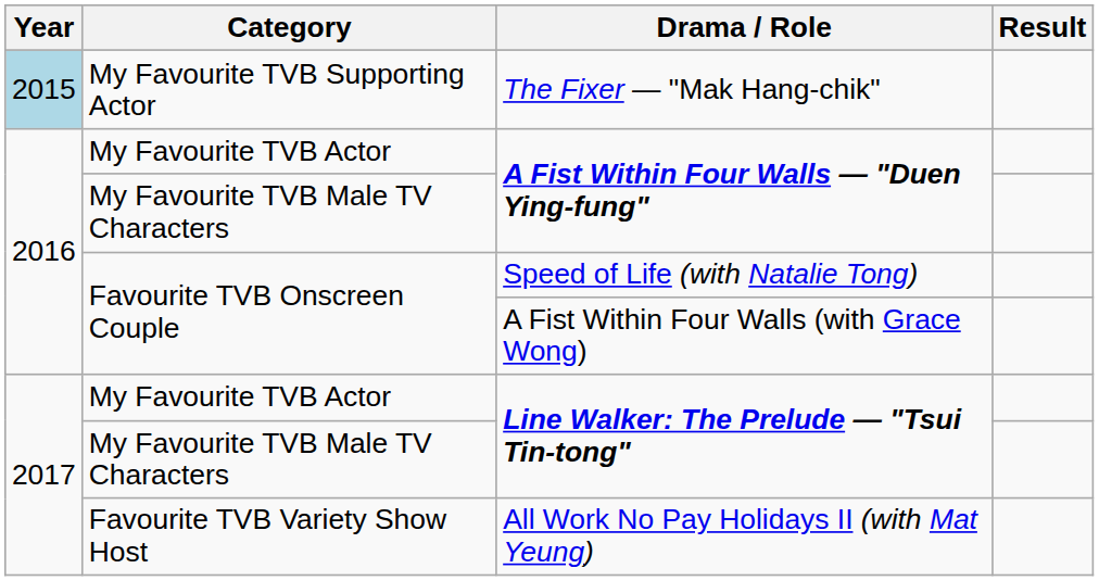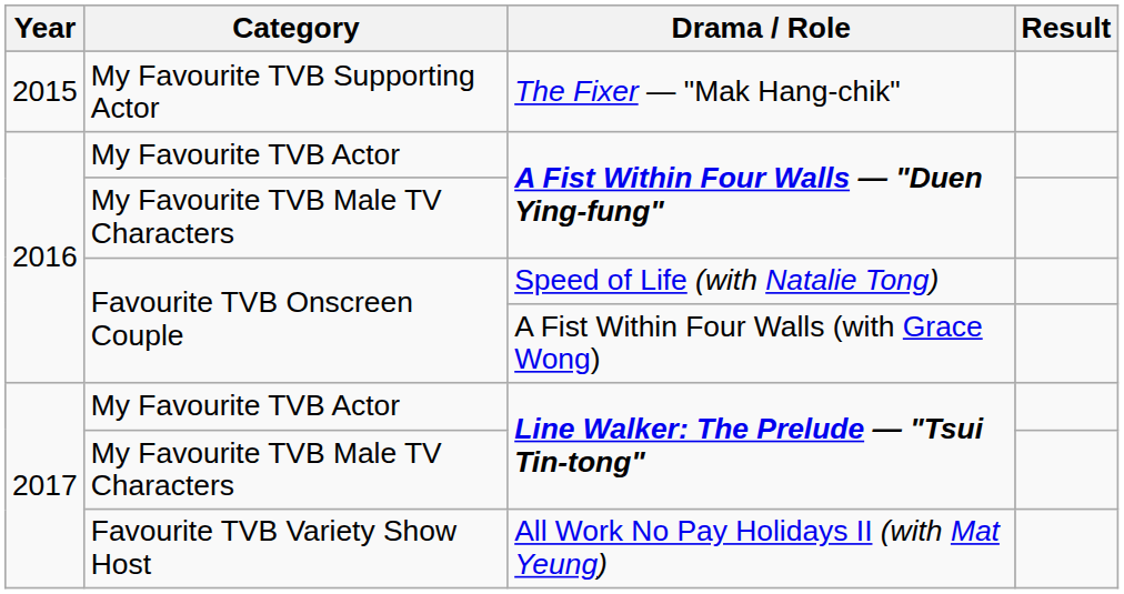 <table class="wikitable sortable">
 <tr>
 <th>Year</th>
 <th>Category</th>
 <th>Drama / Role</th>
 <th>Result</th>
 </tr>
 <tr>
-<td style="background: lightblue;">2015</td>
+<td>2015</td>
 <td>My Favourite TVB Supporting Actor</td>
 <td><em><a href='#'>The Fixer</a></em> — "Mak Hang-chik"</td>
 <td></td>
 </tr>
 <tr>
 <td rowspan=4>2016</td>
 <td>My Favourite TVB Actor</td>
 <td rowspan=2><strong><em><a href='#'>A Fist Within Four Walls</a><em> — "Duen Ying-fung"<strong></td>
 <td></td>
 </tr>
 <tr>
 <td></strong> My Favourite TVB Male TV Characters <strong></td>
 <td></td>
 </tr>
 <tr>
 <td rowspan=2></strong> Favourite TVB Onscreen Couple <strong></td>
 <td></em><a href='#'>Speed of Life</a><em> (with <a href='#'>Natalie Tong</a>)</td>
 <td></td>
 </tr>
 <tr>
 <td></em></strong> A Fist Within Four Walls</em> (with <a href='#'>Grace Wong</a>) </strong></td>
 <td></td>
 </tr>
 <tr>
 <td rowspan=3>2017</td>
 <td>My Favourite TVB Actor</td>
 <td rowspan=2><strong><em><a href='#'>Line Walker: The Prelude</a><em> — "Tsui Tin-tong"<strong></td>
 <td></td>
 </tr>
 <tr>
 <td></strong> My Favourite TVB Male TV Characters <strong></td>
 <td></td>
 </tr>
 <tr>
 <td>Favourite TVB Variety Show Host</td>
 <td></em><a href='#'>All Work No Pay Holidays II</a><em> (with <a href='#'>Mat Yeung</a>)</td>
 <td></td>
 </tr>
 </table>
